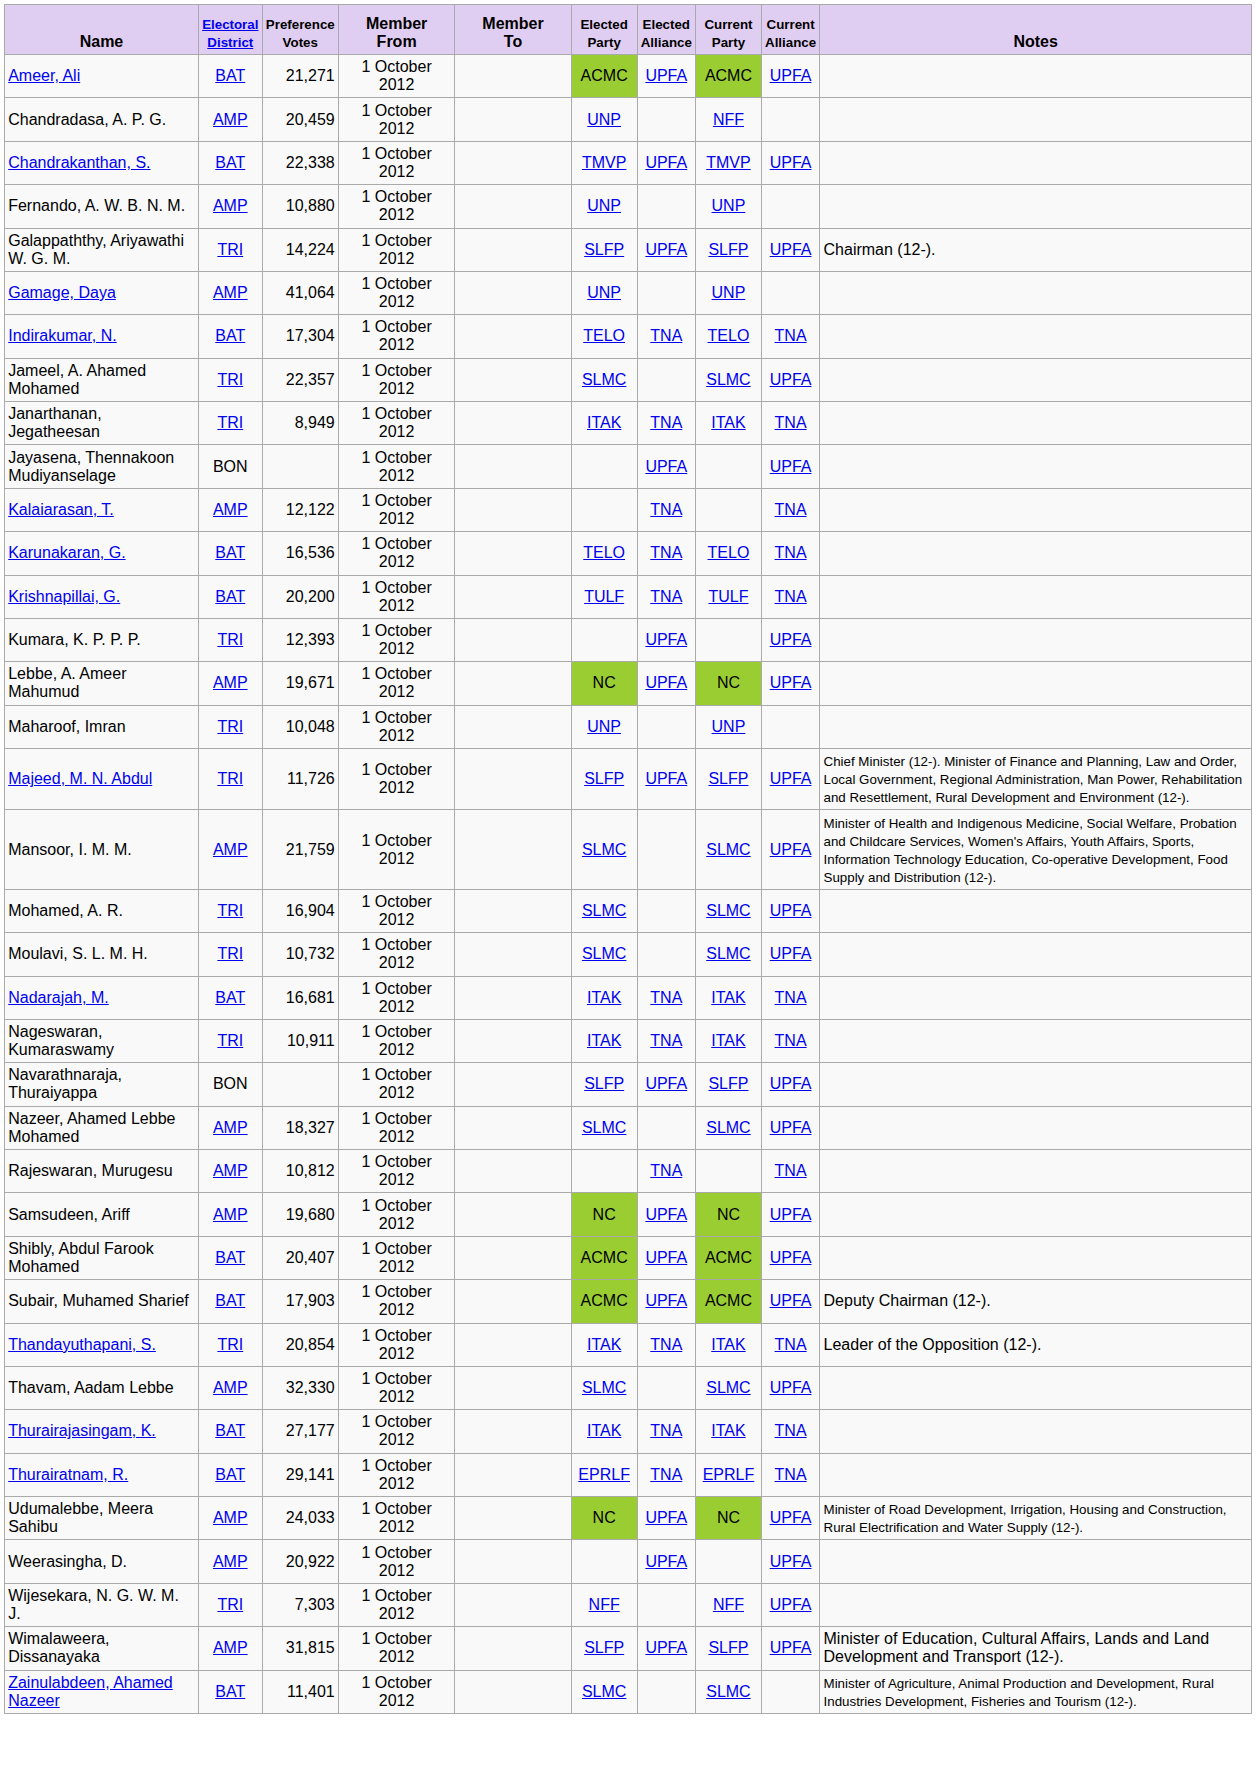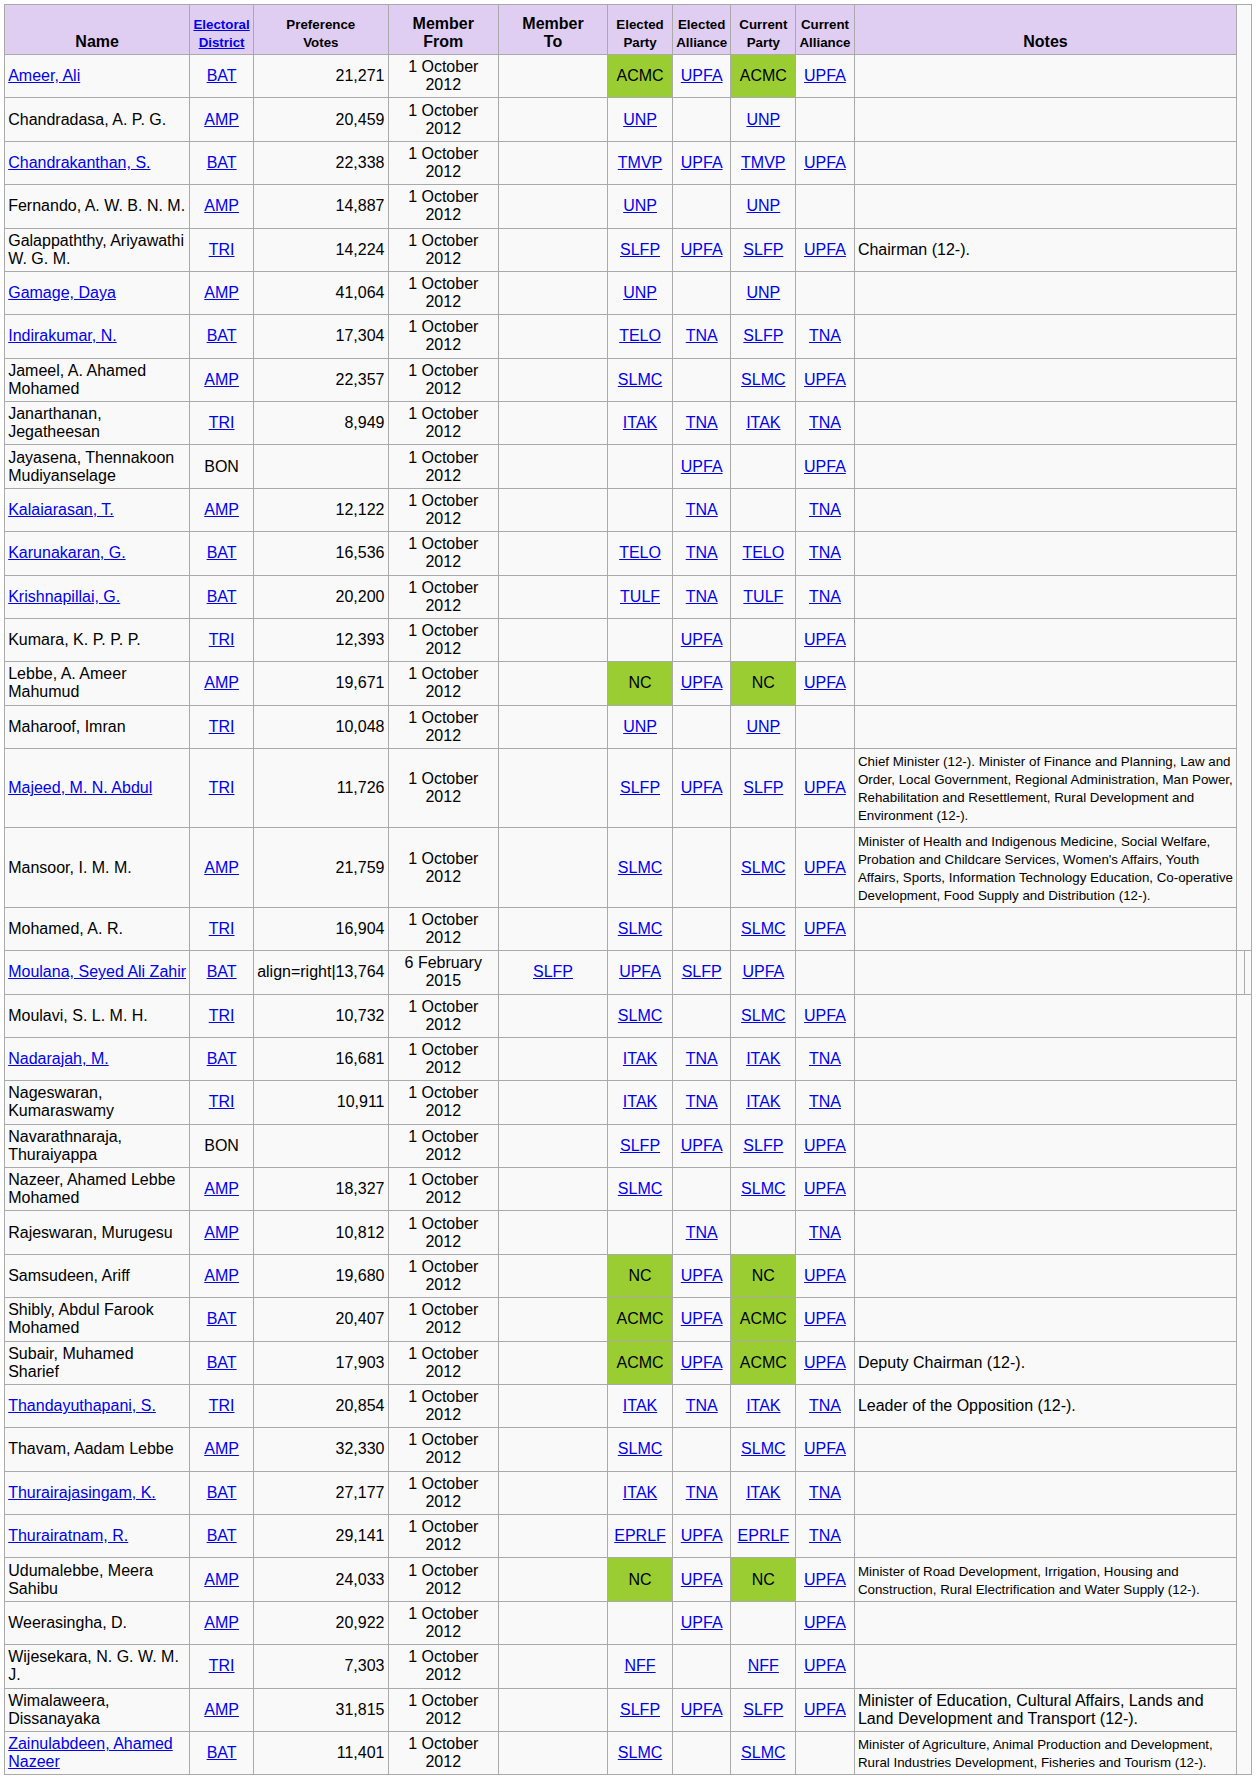 <table class="wikitable sortable" style="text-align:center; font-size:100%">
 <tr style="height: 50px;">
 <th style="background-color:#E0CEF2;" valign=bottom width="200">Name<br></th>
 <th style="background-color:#E0CEF2;" valign=bottom width="20"><small><a href='#'>Electoral<br>District</a></small><br></th>
 <th style="background-color:#E0CEF2;" valign=bottom width="50"><small>Preference<br>Votes</small><br></th>
 <th style="background-color:#E0CEF2;" valign=bottom width="120">Member<br>From<br></th>
 <th style="background-color:#E0CEF2;" valign=bottom width="120">Member<br>To<br></th>
 <th style="background-color:#E0CEF2;" valign=bottom width="60"><small>Elected<br>Party</small><br></th>
 <th style="background-color:#E0CEF2;" valign=bottom width="40"><small>Elected<br>Alliance</small><br></th>
 <th style="background-color:#E0CEF2;" valign=bottom width="60"><small>Current<br>Party</small><br></th>
 <th style="background-color:#E0CEF2;" valign=bottom width="40"><small>Current<br>Alliance</small><br></th>
 <th style="background-color:#E0CEF2;" valign=bottom width="500">Notes</th>
 </tr>
 <tr style="height: 25px;">
 <td align=left><a href='#'>Ameer, Ali</a></td>
 <td><a href='#'>BAT</a></td>
 <td align=right>21,271</td>
 <td>1 October 2012</td>
 <td></td>
 <td bgcolor="#9acd32"><span>ACMC</span></td>
 <td bgcolor=><a href='#'><span>UPFA</span></a></td>
 <td bgcolor="#9acd32"><span>ACMC</span></td>
 <td bgcolor=><a href='#'><span>UPFA</span></a></td>
 <td></td>
 </tr>
 <tr style="height: 25px;">
 <td align=left>Chandradasa, A. P. G.</td>
 <td><a href='#'>AMP</a></td>
 <td align=right>20,459</td>
 <td>1 October 2012</td>
 <td></td>
 <td bgcolor=><a href='#'><span>UNP</span></a></td>
 <td></td>
-<td><a href='#'>NFF</a></td>
+<td bgcolor=><a href='#'><span>UNP</span></a></td>
 <td></td>
 <td></td>
 </tr>
 <tr style="height: 25px;">
 <td align=left><a href='#'>Chandrakanthan, S.</a></td>
 <td><a href='#'>BAT</a></td>
 <td align=right>22,338</td>
 <td>1 October 2012</td>
 <td></td>
 <td bgcolor=><a href='#'><span>TMVP</span></a></td>
 <td bgcolor=><a href='#'><span>UPFA</span></a></td>
 <td bgcolor=><a href='#'><span>TMVP</span></a></td>
 <td bgcolor=><a href='#'><span>UPFA</span></a></td>
 <td></td>
 </tr>
 <tr style="height: 25px;">
 <td align=left>Fernando, A. W. B. N. M.</td>
 <td><a href='#'>AMP</a></td>
-<td align=right>10,880</td>
+<td align=right>14,887</td>
 <td>1 October 2012</td>
 <td></td>
 <td bgcolor=><a href='#'><span>UNP</span></a></td>
 <td></td>
 <td bgcolor=><a href='#'><span>UNP</span></a></td>
 <td></td>
 <td></td>
 </tr>
 <tr style="height: 25px;">
 <td align=left>Galappaththy, Ariyawathi W. G. M.</td>
 <td><a href='#'>TRI</a></td>
 <td align=right>14,224</td>
 <td>1 October 2012</td>
 <td></td>
 <td bgcolor=><a href='#'><span>SLFP</span></a></td>
 <td bgcolor=><a href='#'><span>UPFA</span></a></td>
 <td bgcolor=><a href='#'><span>SLFP</span></a></td>
 <td bgcolor=><a href='#'><span>UPFA</span></a></td>
 <td align=left>Chairman (12-).</td>
 </tr>
 <tr style="height: 25px;">
 <td align=left><a href='#'>Gamage, Daya</a></td>
 <td><a href='#'>AMP</a></td>
 <td align=right>41,064</td>
 <td>1 October 2012</td>
 <td></td>
 <td bgcolor=><a href='#'><span>UNP</span></a></td>
 <td></td>
 <td bgcolor=><a href='#'><span>UNP</span></a></td>
 <td></td>
 <td></td>
 </tr>
 <tr style="height: 25px;">
 <td align=left><a href='#'>Indirakumar, N.</a></td>
 <td><a href='#'>BAT</a></td>
 <td align=right>17,304</td>
 <td>1 October 2012</td>
 <td></td>
 <td bgcolor=><a href='#'><span>TELO</span></a></td>
 <td bgcolor=><a href='#'><span>TNA</span></a></td>
-<td bgcolor=><a href='#'><span>TELO</span></a></td>
+<td bgcolor=><a href='#'><span>SLFP</span></a></td>
 <td bgcolor=><a href='#'><span>TNA</span></a></td>
 <td></td>
 </tr>
 <tr style="height: 25px;">
 <td align=left>Jameel, A. Ahamed Mohamed</td>
-<td><a href='#'>TRI</a></td>
+<td><a href='#'>AMP</a></td>
 <td align=right>22,357</td>
 <td>1 October 2012</td>
 <td></td>
 <td bgcolor=><a href='#'><span>SLMC</span></a></td>
 <td></td>
 <td bgcolor=><a href='#'><span>SLMC</span></a></td>
 <td bgcolor=><a href='#'><span>UPFA</span></a></td>
 <td></td>
 </tr>
 <tr style="height: 25px;">
 <td align=left>Janarthanan, Jegatheesan</td>
 <td><a href='#'>TRI</a></td>
 <td align=right>8,949</td>
 <td>1 October 2012</td>
 <td></td>
 <td bgcolor=><a href='#'><span>ITAK</span></a></td>
 <td bgcolor=><a href='#'><span>TNA</span></a></td>
 <td bgcolor=><a href='#'><span>ITAK</span></a></td>
 <td bgcolor=><a href='#'><span>TNA</span></a></td>
 <td></td>
 </tr>
 <tr style="height: 25px;">
 <td align=left>Jayasena, Thennakoon Mudiyanselage</td>
 <td>BON</td>
 <td align=right></td>
 <td>1 October 2012</td>
 <td></td>
 <td></td>
 <td bgcolor=><a href='#'><span>UPFA</span></a></td>
 <td></td>
 <td bgcolor=><a href='#'><span>UPFA</span></a></td>
 <td></td>
 </tr>
 <tr style="height: 25px;">
 <td align=left><a href='#'>Kalaiarasan, T.</a></td>
 <td><a href='#'>AMP</a></td>
 <td align=right>12,122</td>
 <td>1 October 2012</td>
 <td></td>
 <td></td>
 <td bgcolor=><a href='#'><span>TNA</span></a></td>
 <td></td>
 <td bgcolor=><a href='#'><span>TNA</span></a></td>
 <td></td>
 </tr>
 <tr style="height: 25px;">
 <td align=left><a href='#'>Karunakaran, G.</a></td>
 <td><a href='#'>BAT</a></td>
 <td align=right>16,536</td>
 <td>1 October 2012</td>
 <td></td>
 <td bgcolor=><a href='#'><span>TELO</span></a></td>
 <td bgcolor=><a href='#'><span>TNA</span></a></td>
 <td bgcolor=><a href='#'><span>TELO</span></a></td>
 <td bgcolor=><a href='#'><span>TNA</span></a></td>
 <td></td>
 </tr>
 <tr style="height: 25px;">
 <td align=left><a href='#'>Krishnapillai, G.</a></td>
 <td><a href='#'>BAT</a></td>
 <td align=right>20,200</td>
 <td>1 October 2012</td>
 <td></td>
 <td bgcolor=><a href='#'><span>TULF</span></a></td>
 <td bgcolor=><a href='#'><span>TNA</span></a></td>
 <td bgcolor=><a href='#'><span>TULF</span></a></td>
 <td bgcolor=><a href='#'><span>TNA</span></a></td>
 <td></td>
 </tr>
 <tr style="height: 25px;">
 <td align=left>Kumara, K. P. P. P.</td>
 <td><a href='#'>TRI</a></td>
 <td align=right>12,393</td>
 <td>1 October 2012</td>
 <td></td>
 <td></td>
 <td bgcolor=><a href='#'><span>UPFA</span></a></td>
 <td></td>
 <td bgcolor=><a href='#'><span>UPFA</span></a></td>
 <td></td>
 </tr>
 <tr style="height: 25px;">
 <td align=left>Lebbe, A. Ameer Mahumud</td>
 <td><a href='#'>AMP</a></td>
 <td align=right>19,671</td>
 <td>1 October 2012</td>
 <td></td>
 <td bgcolor="#9acd32"><span>NC</span></td>
 <td bgcolor=><a href='#'><span>UPFA</span></a></td>
 <td bgcolor="#9acd32"><span>NC</span></td>
 <td bgcolor=><a href='#'><span>UPFA</span></a></td>
 <td></td>
 </tr>
 <tr style="height: 25px;">
 <td align=left>Maharoof, Imran</td>
 <td><a href='#'>TRI</a></td>
 <td align=right>10,048</td>
 <td>1 October 2012</td>
 <td></td>
 <td bgcolor=><a href='#'><span>UNP</span></a></td>
 <td></td>
 <td bgcolor=><a href='#'><span>UNP</span></a></td>
 <td></td>
 <td></td>
 </tr>
 <tr style="height: 25px;">
 <td align=left><a href='#'>Majeed, M. N. Abdul</a></td>
 <td><a href='#'>TRI</a></td>
 <td align=right>11,726</td>
 <td>1 October 2012</td>
 <td></td>
 <td bgcolor=><a href='#'><span>SLFP</span></a></td>
 <td bgcolor=><a href='#'><span>UPFA</span></a></td>
 <td bgcolor=><a href='#'><span>SLFP</span></a></td>
 <td bgcolor=><a href='#'><span>UPFA</span></a></td>
 <td align=left><small>Chief Minister (12-). Minister of Finance and Planning, Law and Order, Local Government, Regional Administration, Man Power, Rehabilitation and Resettlement, Rural Development and Environment (12-).</small></td>
 </tr>
 <tr style="height: 25px;">
 <td align=left>Mansoor, I. M. M.</td>
 <td><a href='#'>AMP</a></td>
 <td align=right>21,759</td>
 <td>1 October 2012</td>
 <td></td>
 <td bgcolor=><a href='#'><span>SLMC</span></a></td>
 <td></td>
 <td bgcolor=><a href='#'><span>SLMC</span></a></td>
 <td bgcolor=><a href='#'><span>UPFA</span></a></td>
 <td align=left><small>Minister of Health and Indigenous Medicine, Social Welfare, Probation and Childcare Services, Women's Affairs, Youth Affairs, Sports, Information Technology Education, Co-operative Development, Food Supply and Distribution (12-).</small></td>
 </tr>
 <tr style="height: 25px;">
 <td align=left>Mohamed, A. R.</td>
 <td><a href='#'>TRI</a></td>
 <td align=right>16,904</td>
 <td>1 October 2012</td>
 <td></td>
 <td bgcolor=><a href='#'><span>SLMC</span></a></td>
 <td></td>
 <td bgcolor=><a href='#'><span>SLMC</span></a></td>
 <td bgcolor=><a href='#'><span>UPFA</span></a></td>
+<td></td>
+</tr>
+<tr>
+<td align=left><a href='#'>Moulana, Seyed Ali Zahir</a></td>
+<td><a href='#'>BAT</a></td>
+<td>align=right|13,764</td>
+<td>6 February 2015</td>
+<td bgcolor=><a href='#'><span>SLFP</span></a></td>
+<td bgcolor=><a href='#'><span>UPFA</span></a></td>
+<td bgcolor=><a href='#'><span>SLFP</span></a></td>
+<td><a href='#'><span>UPFA</span></a></td>
+<td></td>
+<td></td>
+<td></td>
 <td></td>
 </tr>
 <tr style="height: 25px;">
 <td align=left>Moulavi, S. L. M. H.</td>
 <td><a href='#'>TRI</a></td>
 <td align=right>10,732</td>
 <td>1 October 2012</td>
 <td></td>
 <td bgcolor=><a href='#'><span>SLMC</span></a></td>
 <td></td>
 <td bgcolor=><a href='#'><span>SLMC</span></a></td>
 <td bgcolor=><a href='#'><span>UPFA</span></a></td>
 <td></td>
 </tr>
 <tr style="height: 25px;">
 <td align=left><a href='#'>Nadarajah, M.</a></td>
 <td><a href='#'>BAT</a></td>
 <td align=right>16,681</td>
 <td>1 October 2012</td>
 <td></td>
 <td bgcolor=><a href='#'><span>ITAK</span></a></td>
 <td bgcolor=><a href='#'><span>TNA</span></a></td>
 <td bgcolor=><a href='#'><span>ITAK</span></a></td>
 <td bgcolor=><a href='#'><span>TNA</span></a></td>
 <td></td>
 </tr>
 <tr style="height: 25px;">
 <td align=left>Nageswaran, Kumaraswamy</td>
 <td><a href='#'>TRI</a></td>
 <td align=right>10,911</td>
 <td>1 October 2012</td>
 <td></td>
 <td bgcolor=><a href='#'><span>ITAK</span></a></td>
 <td bgcolor=><a href='#'><span>TNA</span></a></td>
 <td bgcolor=><a href='#'><span>ITAK</span></a></td>
 <td bgcolor=><a href='#'><span>TNA</span></a></td>
 <td></td>
 </tr>
 <tr style="height: 25px;">
 <td align=left>Navarathnaraja, Thuraiyappa</td>
 <td>BON</td>
 <td align=right></td>
 <td>1 October 2012</td>
 <td></td>
 <td bgcolor=><a href='#'><span>SLFP</span></a></td>
 <td bgcolor=><a href='#'><span>UPFA</span></a></td>
 <td bgcolor=><a href='#'><span>SLFP</span></a></td>
 <td bgcolor=><a href='#'><span>UPFA</span></a></td>
 <td></td>
 </tr>
 <tr style="height: 25px;">
 <td align=left>Nazeer, Ahamed Lebbe Mohamed</td>
 <td><a href='#'>AMP</a></td>
 <td align=right>18,327</td>
 <td>1 October 2012</td>
 <td></td>
 <td bgcolor=><a href='#'><span>SLMC</span></a></td>
 <td></td>
 <td bgcolor=><a href='#'><span>SLMC</span></a></td>
 <td bgcolor=><a href='#'><span>UPFA</span></a></td>
 <td></td>
 </tr>
 <tr style="height: 25px;">
 <td align=left>Rajeswaran, Murugesu</td>
 <td><a href='#'>AMP</a></td>
 <td align=right>10,812</td>
 <td>1 October 2012</td>
 <td></td>
 <td></td>
 <td bgcolor=><a href='#'><span>TNA</span></a></td>
 <td></td>
 <td bgcolor=><a href='#'><span>TNA</span></a></td>
 <td></td>
 </tr>
 <tr style="height: 25px;">
 <td align=left>Samsudeen, Ariff</td>
 <td><a href='#'>AMP</a></td>
 <td align=right>19,680</td>
 <td>1 October 2012</td>
 <td></td>
 <td bgcolor="#9acd32"><span>NC</span></td>
 <td bgcolor=><a href='#'><span>UPFA</span></a></td>
 <td bgcolor="#9acd32"><span>NC</span></td>
 <td bgcolor=><a href='#'><span>UPFA</span></a></td>
 <td></td>
 </tr>
 <tr style="height: 25px;">
 <td align=left>Shibly, Abdul Farook Mohamed</td>
 <td><a href='#'>BAT</a></td>
 <td align=right>20,407</td>
 <td>1 October 2012</td>
 <td></td>
 <td bgcolor="#9acd32"><span>ACMC</span></td>
 <td bgcolor=><a href='#'><span>UPFA</span></a></td>
 <td bgcolor="#9acd32"><span>ACMC</span></td>
 <td bgcolor=><a href='#'><span>UPFA</span></a></td>
 <td></td>
 </tr>
 <tr style="height: 25px;">
 <td align=left>Subair, Muhamed Sharief</td>
 <td><a href='#'>BAT</a></td>
 <td align=right>17,903</td>
 <td>1 October 2012</td>
 <td></td>
 <td bgcolor="#9acd32"><span>ACMC</span></td>
 <td bgcolor=><a href='#'><span>UPFA</span></a></td>
 <td bgcolor="#9acd32"><span>ACMC</span></td>
 <td bgcolor=><a href='#'><span>UPFA</span></a></td>
 <td align=left>Deputy Chairman (12-).</td>
 </tr>
 <tr style="height: 25px;">
 <td align=left><a href='#'>Thandayuthapani, S.</a></td>
 <td><a href='#'>TRI</a></td>
 <td align=right>20,854</td>
 <td>1 October 2012</td>
 <td></td>
 <td bgcolor=><a href='#'><span>ITAK</span></a></td>
 <td bgcolor=><a href='#'><span>TNA</span></a></td>
 <td bgcolor=><a href='#'><span>ITAK</span></a></td>
 <td bgcolor=><a href='#'><span>TNA</span></a></td>
 <td align=left>Leader of the Opposition (12-).</td>
 </tr>
 <tr style="height: 25px;">
 <td align=left>Thavam, Aadam Lebbe</td>
 <td><a href='#'>AMP</a></td>
 <td align=right>32,330</td>
 <td>1 October 2012</td>
 <td></td>
 <td bgcolor=><a href='#'><span>SLMC</span></a></td>
 <td></td>
 <td bgcolor=><a href='#'><span>SLMC</span></a></td>
 <td bgcolor=><a href='#'><span>UPFA</span></a></td>
 <td></td>
 </tr>
 <tr style="height: 25px;">
 <td align=left><a href='#'>Thurairajasingam, K.</a></td>
 <td><a href='#'>BAT</a></td>
 <td align=right>27,177</td>
 <td>1 October 2012</td>
 <td></td>
 <td bgcolor=><a href='#'><span>ITAK</span></a></td>
 <td bgcolor=><a href='#'><span>TNA</span></a></td>
 <td bgcolor=><a href='#'><span>ITAK</span></a></td>
 <td bgcolor=><a href='#'><span>TNA</span></a></td>
 <td></td>
 </tr>
 <tr style="height: 25px;">
 <td align=left><a href='#'>Thurairatnam, R.</a></td>
 <td><a href='#'>BAT</a></td>
 <td align=right>29,141</td>
 <td>1 October 2012</td>
 <td></td>
 <td bgcolor=><a href='#'><span>EPRLF</span></a></td>
-<td bgcolor=><a href='#'><span>TNA</span></a></td>
+<td bgcolor=><a href='#'><span>UPFA</span></a></td>
 <td bgcolor=><a href='#'><span>EPRLF</span></a></td>
 <td bgcolor=><a href='#'><span>TNA</span></a></td>
 <td></td>
 </tr>
 <tr style="height: 25px;">
 <td align=left>Udumalebbe, Meera Sahibu</td>
 <td><a href='#'>AMP</a></td>
 <td align=right>24,033</td>
 <td>1 October 2012</td>
 <td></td>
 <td bgcolor="#9acd32"><span>NC</span></td>
 <td bgcolor=><a href='#'><span>UPFA</span></a></td>
 <td bgcolor="#9acd32"><span>NC</span></td>
 <td bgcolor=><a href='#'><span>UPFA</span></a></td>
 <td align=left><small>Minister of Road Development, Irrigation, Housing and Construction, Rural Electrification and Water Supply (12-).</small></td>
 </tr>
 <tr style="height: 25px;">
 <td align=left>Weerasingha, D.</td>
 <td><a href='#'>AMP</a></td>
 <td align=right>20,922</td>
 <td>1 October 2012</td>
 <td></td>
 <td></td>
 <td bgcolor=><a href='#'><span>UPFA</span></a></td>
 <td></td>
 <td bgcolor=><a href='#'><span>UPFA</span></a></td>
 <td></td>
 </tr>
 <tr style="height: 25px;">
 <td align=left>Wijesekara, N. G. W. M. J.</td>
 <td><a href='#'>TRI</a></td>
 <td align=right>7,303</td>
 <td>1 October 2012</td>
 <td></td>
 <td><a href='#'>NFF</a></td>
 <td></td>
 <td><a href='#'>NFF</a></td>
 <td bgcolor=><a href='#'><span>UPFA</span></a></td>
 <td></td>
 </tr>
 <tr style="height: 25px;">
 <td align=left>Wimalaweera, Dissanayaka</td>
 <td><a href='#'>AMP</a></td>
 <td align=right>31,815</td>
 <td>1 October 2012</td>
 <td></td>
 <td bgcolor=><a href='#'><span>SLFP</span></a></td>
 <td bgcolor=><a href='#'><span>UPFA</span></a></td>
 <td bgcolor=><a href='#'><span>SLFP</span></a></td>
 <td bgcolor=><a href='#'><span>UPFA</span></a></td>
 <td align=left>Minister of Education, Cultural Affairs, Lands and Land Development and Transport (12-).</td>
 </tr>
 <tr style="height: 25px;">
 <td align=left><a href='#'>Zainulabdeen, Ahamed Nazeer</a></td>
 <td><a href='#'>BAT</a></td>
 <td align=right>11,401</td>
 <td>1 October 2012</td>
 <td></td>
 <td bgcolor=><a href='#'><span>SLMC</span></a></td>
 <td></td>
 <td bgcolor=><a href='#'><span>SLMC</span></a></td>
 <td></td>
 <td align=left><small>Minister of Agriculture, Animal Production and Development, Rural Industries Development, Fisheries and Tourism (12-).</small></td>
 </tr>
 </table>
